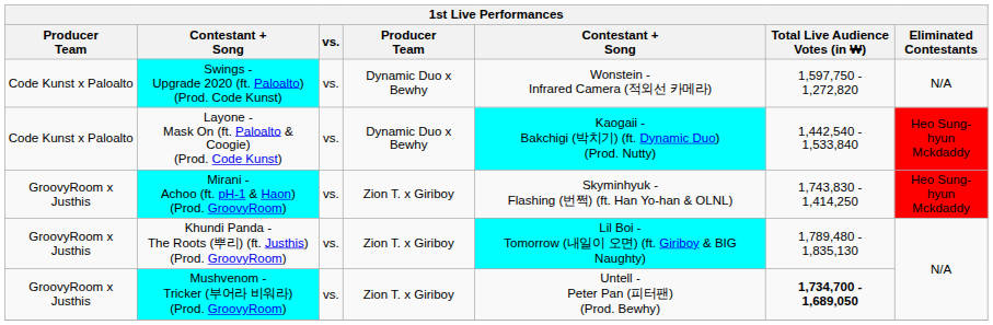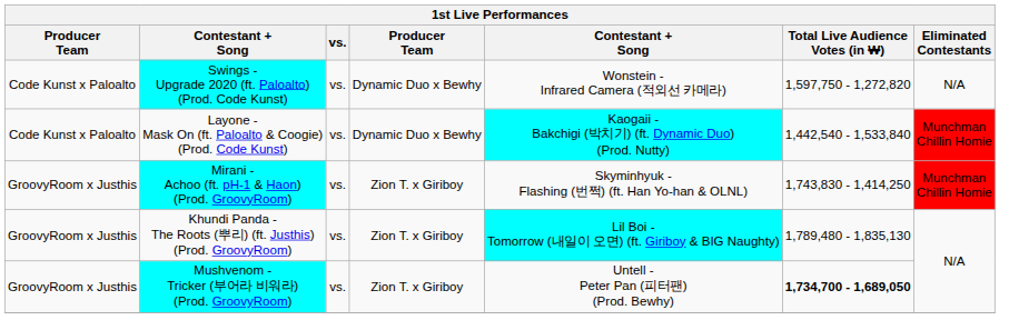 <table class="wikitable" style="text-align:center" border="2">
 <tr>
 <th colspan="7">1st Live Performances</th>
 </tr>
 <tr>
 <th>Producer <br> Team</th>
 <th>Contestant + <br> Song</th>
 <th>vs.</th>
 <th>Producer <br> Team</th>
 <th>Contestant +<br>Song</th>
 <th>Total Live Audience<br>Votes (in ₩)</th>
 <th>Eliminated<br>Contestants</th>
 </tr>
 <tr>
 <td>Code Kunst x Paloalto</td>
 <td style="background:aqua">Swings -<br>Upgrade 2020 (ft. <a href='#'>Paloalto</a>)<br>(Prod. Code Kunst)</td>
 <td>vs.</td>
 <td>Dynamic Duo x Bewhy</td>
 <td>Wonstein -<br>Infrared Camera (적외선 카메라)</td>
 <td>1,597,750 - 1,272,820</td>
 <td>N/A</td>
 </tr>
 <tr>
 <td>Code Kunst x Paloalto</td>
 <td>Layone -<br>Mask On (ft. <a href='#'>Paloalto</a> & Coogie)<br> (Prod. <a href='#'>Code Kunst</a>)</td>
 <td>vs.</td>
 <td>Dynamic Duo x Bewhy</td>
 <td style="background:aqua">Kaogaii - <br>Bakchigi (박치기) (ft. <a href='#'>Dynamic Duo</a>)<br>(Prod. Nutty)</td>
 <td>1,442,540 - 1,533,840</td>
-<td style="background:red">Heo Sung-hyun<br>Mckdaddy</td>
+<td style="background:red">Munchman<br>Chillin Homie</td>
 </tr>
 <tr>
 <td>GroovyRoom x Justhis</td>
 <td style="background:aqua">Mirani -<br>Achoo (ft. <a href='#'>pH-1</a> & <a href='#'>Haon</a>)<br>(Prod. <a href='#'>GroovyRoom</a>)</td>
 <td>vs.</td>
 <td>Zion T. x Giriboy</td>
 <td>Skyminhyuk -<br>Flashing (번쩍) (ft. Han Yo-han & OLNL)</td>
 <td>1,743,830 - 1,414,250</td>
-<td style="background:red">Heo Sung-hyun<br>Mckdaddy</td>
+<td style="background:red">Munchman<br>Chillin Homie</td>
 </tr>
 <tr>
 <td>GroovyRoom x Justhis</td>
 <td>Khundi Panda -<br>The Roots (뿌리) (ft. <a href='#'>Justhis</a>)<br>(Prod. <a href='#'>GroovyRoom</a>)</td>
 <td>vs.</td>
 <td>Zion T. x Giriboy</td>
 <td style="background:aqua">Lil Boi -<br>Tomorrow (내일이 오면) (ft. <a href='#'>Giriboy</a> & BIG Naughty)</td>
 <td>1,789,480 - 1,835,130</td>
 <td rowspan="2">N/A</td>
 </tr>
 <tr>
 <td>GroovyRoom x Justhis</td>
 <td style="background:aqua">Mushvenom -<br>Tricker (부어라 비워라) <br>(Prod. <a href='#'>GroovyRoom</a>)</td>
 <td>vs.</td>
 <td>Zion T. x Giriboy</td>
 <td>Untell -<br>Peter Pan (피터팬)<br>(Prod. Bewhy)</td>
 <td><strong>1,734,700 - 1,689,050</strong></td>
 </tr>
 <tr>
 </tr>
 </table>
